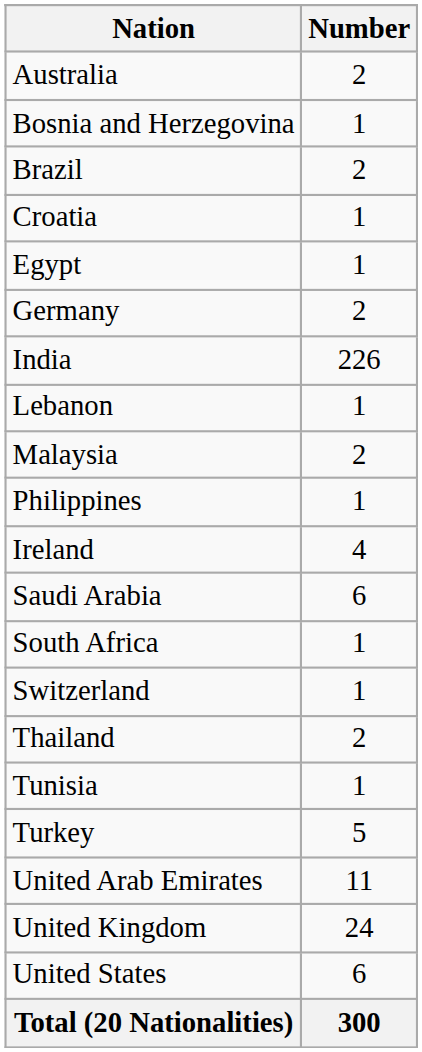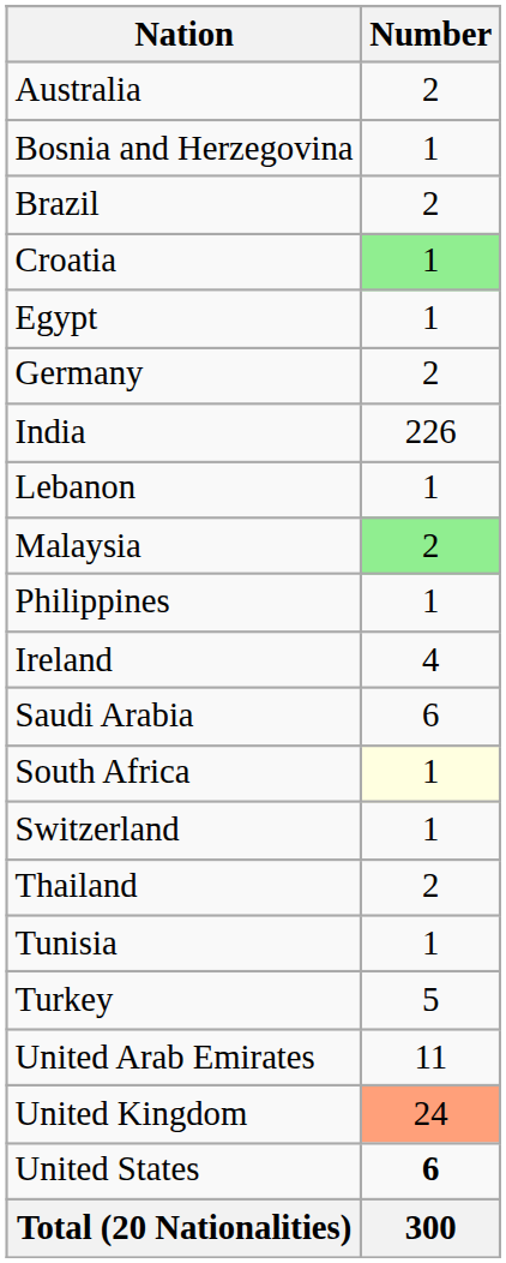 <table class="sortable wikitable" style="font-size:85%; margin:0 0 0.5em 1em; float:right;">
 <tr>
 </tr>
 <tr>
 <th>Nation</th>
 <th data-sort-type="number">Number</th>
 </tr>
 <tr>
 <td>Australia</td>
 <td style="text-align:center;">2</td>
 </tr>
 <tr>
 <td>Bosnia and Herzegovina</td>
 <td style="text-align:center;">1</td>
 </tr>
 <tr>
 <td>Brazil</td>
 <td style="text-align:center;">2</td>
 </tr>
 <tr>
 <td>Croatia</td>
-<td style="text-align:center;">1</td>
+<td style="background: lightgreen; text-align:center;">1</td>
 </tr>
 <tr>
 <td>Egypt</td>
 <td style="text-align:center;">1</td>
 </tr>
 <tr>
 <td>Germany</td>
 <td style="text-align:center;">2</td>
 </tr>
 <tr>
 <td>India</td>
 <td style="text-align:center;">226</td>
 </tr>
 <tr>
 <td>Lebanon</td>
 <td style="text-align:center;">1</td>
 </tr>
 <tr>
 <td>Malaysia</td>
-<td style="text-align:center;">2</td>
+<td style="background: lightgreen; text-align:center;">2</td>
 </tr>
 <tr>
 <td>Philippines</td>
 <td style="text-align:center;">1</td>
 </tr>
 <tr>
 <td>Ireland</td>
 <td style="text-align:center;">4</td>
 </tr>
 <tr>
 <td>Saudi Arabia</td>
 <td style="text-align:center;">6</td>
 </tr>
 <tr>
 <td>South Africa</td>
-<td style="text-align:center;">1</td>
+<td style="background: lightyellow; text-align:center;">1</td>
 </tr>
 <tr>
 <td>Switzerland</td>
 <td style="text-align:center;">1</td>
 </tr>
 <tr>
 <td>Thailand</td>
 <td style="text-align:center;">2</td>
 </tr>
 <tr>
 <td>Tunisia</td>
 <td style="text-align:center;">1</td>
 </tr>
 <tr>
 <td>Turkey</td>
 <td style="text-align:center;">5</td>
 </tr>
 <tr>
 <td>United Arab Emirates</td>
 <td style="text-align:center;">11</td>
 </tr>
 <tr>
 <td>United Kingdom</td>
-<td style="text-align:center;">24</td>
+<td style="background: lightsalmon; text-align:center;">24</td>
 </tr>
 <tr>
 <td>United States</td>
-<td style="text-align:center;">6</td>
+<td style="text-align:center;"><strong>6</strong></td>
 </tr>
 <tr class="sortbottom">
 <th><strong>Total (20 Nationalities)</strong></th>
 <th style="text-align:center;"><strong>300</strong></th>
 </tr>
 </table>
